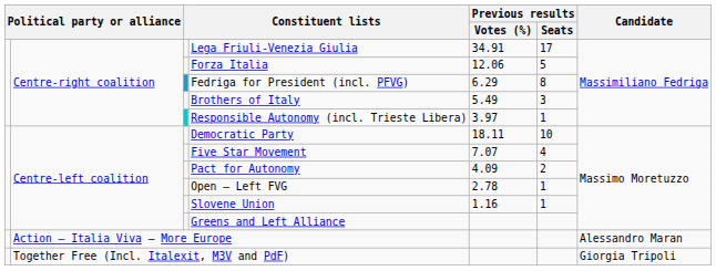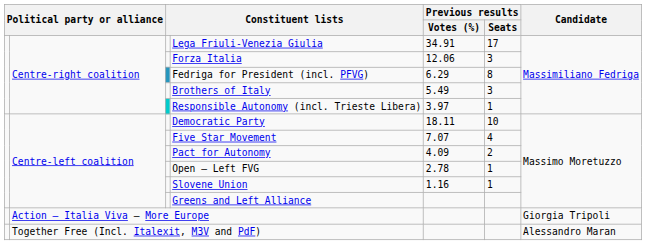 <table class="wikitable">
 <tr>
 <th colspan="2" rowspan="2">Political party or alliance</th>
 <th colspan="2" rowspan="2">Constituent lists</th>
 <th colspan="2">Previous results</th>
 <th rowspan="2">Candidate</th>
 </tr>
 <tr>
 <th>Votes (%)</th>
 <th>Seats</th>
 </tr>
 <tr>
 <td rowspan="5"></td>
 <td rowspan="5"><a href='#'>Centre-right coalition</a></td>
 <td></td>
 <td><a href='#'>Lega Friuli-Venezia Giulia</a></td>
 <td>34.91</td>
 <td>17</td>
 <td rowspan="5"><a href='#'>Massimiliano Fedriga</a></td>
 </tr>
 <tr>
 <td></td>
 <td><a href='#'>Forza Italia</a></td>
 <td>12.06</td>
-<td>5</td>
+<td>3</td>
 </tr>
 <tr>
 <td bgcolor="#2596be"></td>
 <td>Fedriga for President (incl. <a href='#'>PFVG</a>)</td>
 <td>6.29</td>
 <td>8</td>
 </tr>
 <tr>
 <td></td>
 <td><a href='#'>Brothers of Italy</a></td>
 <td>5.49</td>
 <td>3</td>
 </tr>
 <tr>
 <td bgcolor="#00CCCC"></td>
 <td><a href='#'>Responsible Autonomy</a> (incl. Trieste Libera)</td>
 <td>3.97</td>
 <td>1</td>
 </tr>
 <tr>
 <td rowspan="6"></td>
 <td rowspan="6"><a href='#'>Centre-left coalition</a></td>
 <td></td>
 <td><a href='#'>Democratic Party</a></td>
 <td>18.11</td>
 <td>10</td>
 <td rowspan="6">Massimo Moretuzzo</td>
 </tr>
 <tr>
 <td></td>
 <td><a href='#'>Five Star Movement</a></td>
 <td>7.07</td>
 <td>4</td>
 </tr>
 <tr>
 <td></td>
 <td><a href='#'>Pact for Autonomy</a></td>
 <td>4.09</td>
 <td>2</td>
 </tr>
 <tr>
 <td></td>
 <td>Open – Left FVG</td>
 <td>2.78</td>
 <td>1</td>
 </tr>
 <tr>
 <td></td>
 <td><a href='#'>Slovene Union</a></td>
 <td>1.16</td>
 <td>1</td>
 </tr>
 <tr>
 <td></td>
 <td><a href='#'>Greens and Left Alliance</a></td>
 <td></td>
 <td></td>
 </tr>
 <tr>
 <td></td>
 <td colspan="3"><a href='#'>Action – Italia Viva</a> – <a href='#'>More Europe</a></td>
 <td></td>
 <td></td>
-<td>Alessandro Maran</td>
+<td>Giorgia Tripoli</td>
 </tr>
 <tr>
 <td></td>
 <td colspan="3">Together Free (Incl. <a href='#'>Italexit</a>, <a href='#'>M3V</a> and <a href='#'>PdF</a>)</td>
 <td></td>
 <td></td>
-<td>Giorgia Tripoli</td>
+<td>Alessandro Maran</td>
 </tr>
 </table>
